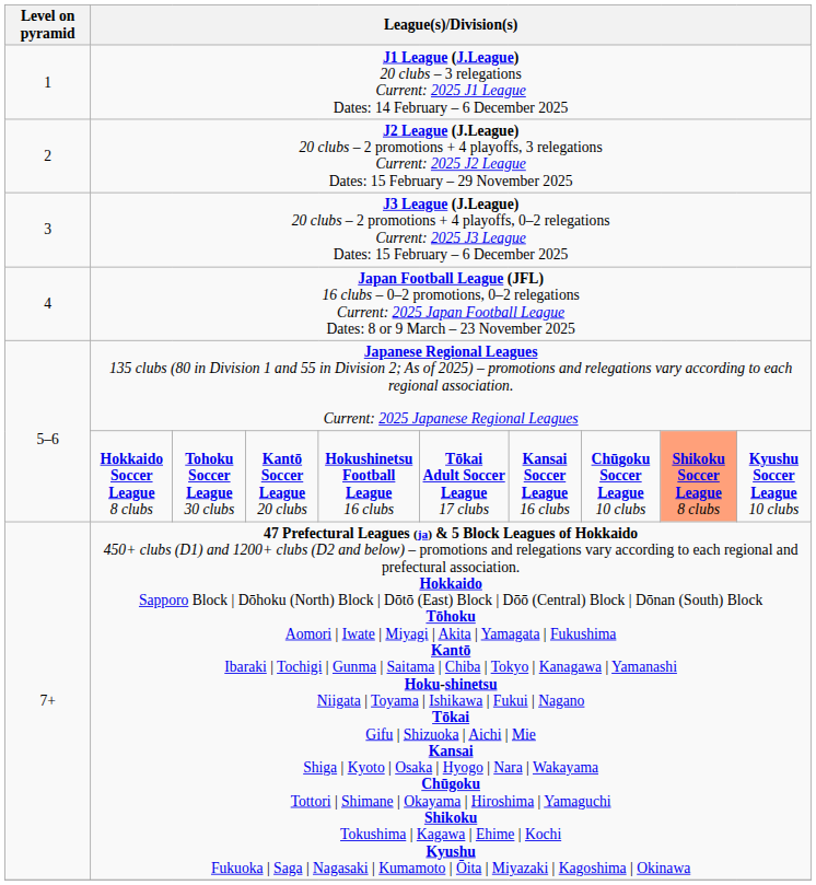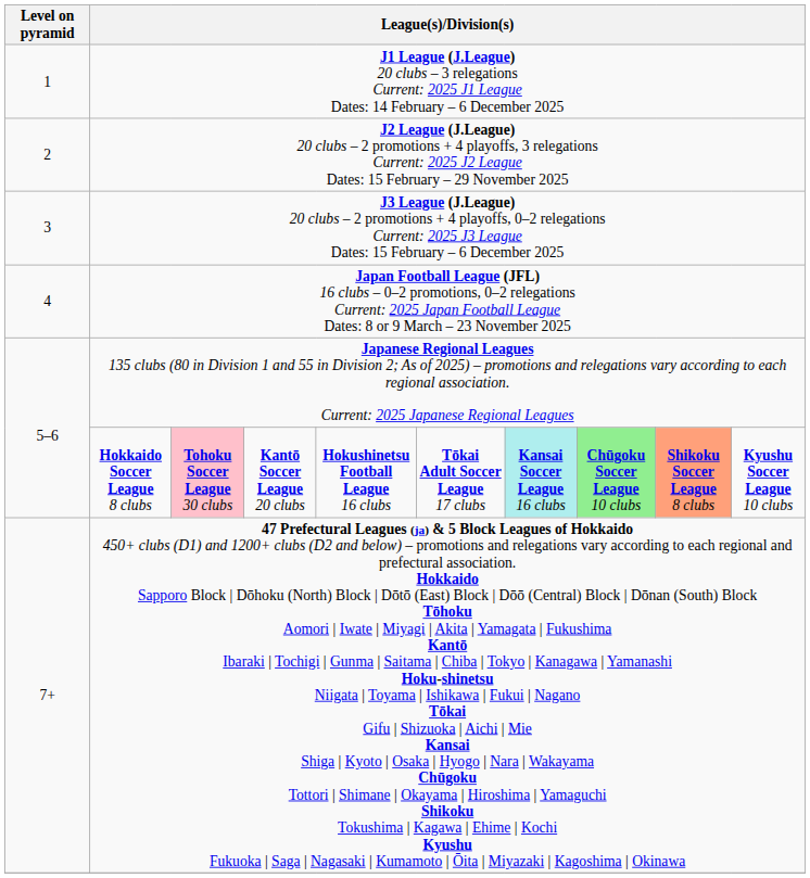 <table class="wikitable" style="text-align: center;">
 <tr>
 <th>Level on pyramid</th>
 <th colspan="9">League(s)/Division(s)</th>
 </tr>
 <tr>
 <td>1</td>
 <td colspan="9"><strong><a href='#'>J1 League</a> (<a href='#'>J.League</a>)</strong> <br> <em>20 clubs</em> – 3 relegations <br> <em>Current: <a href='#'>2025 J1 League</a></em> <br> Dates: 14 February – 6 December 2025</td>
 </tr>
 <tr>
 <td>2</td>
 <td colspan="9"><strong><a href='#'>J2 League</a> (J.League)</strong> <br> <em>20 clubs</em> – 2 promotions + 4 playoffs, 3 relegations <br> <em>Current: <a href='#'>2025 J2 League</a></em> <br> Dates: 15 February – 29 November 2025</td>
 </tr>
 <tr>
 <td>3</td>
 <td colspan="9"><strong><a href='#'>J3 League</a> (J.League)</strong> <br> <em>20 clubs</em> – 2 promotions + 4 playoffs, 0–2 relegations <br> <em>Current: <a href='#'>2025 J3 League</a></em> <br> Dates: 15 February – 6 December 2025</td>
 </tr>
 <tr>
 <td>4</td>
 <td colspan="9"><strong><a href='#'>Japan Football League</a> (JFL)</strong> <br> <em>16 clubs</em> – 0–2 promotions, 0–2 relegations <br> <em>Current: <a href='#'>2025 Japan Football League</a></em> <br> Dates: 8 or 9 March – 23 November 2025</td>
 </tr>
 <tr>
 <td rowspan="2"><br>5–6</td>
 <td colspan="9"><strong><a href='#'>Japanese Regional Leagues</a></strong><br><em>135 clubs (80 in Division 1 and 55 in Division 2; As of 2025) – promotions and relegations vary according to each regional association. </em><br><br><em>Current: <a href='#'>2025 Japanese Regional Leagues</a></em></td>
 </tr>
 <tr>
 <td><br><strong><a href='#'>Hokkaido<br>Soccer League</a> </strong><br> <em>8 clubs</em></td>
-<td><br><strong><a href='#'>Tohoku<br>Soccer League</a> </strong><br> <em>30 clubs</em></td>
+<td style="background: pink;"><br><strong><a href='#'>Tohoku<br>Soccer League</a> </strong><br> <em>30 clubs</em></td>
 <td><br><strong><a href='#'>Kantō<br>Soccer League</a> </strong><br> <em>20 clubs</em></td>
 <td><br><strong><a href='#'>Hokushinetsu<br>Football League</a> </strong><br> <em>16 clubs</em></td>
 <td><br><strong><a href='#'>Tōkai<br>Adult Soccer League</a> </strong><br> <em>17 clubs</em></td>
-<td><br><strong><a href='#'>Kansai<br>Soccer League</a> </strong><br> <em>16 clubs</em></td>
-<td><br><strong><a href='#'>Chūgoku<br>Soccer League</a> </strong><br> <em>10 clubs</em></td>
+<td style="background: paleturquoise;"><br><strong><a href='#'>Kansai<br>Soccer League</a> </strong><br> <em>16 clubs</em></td>
+<td style="background: lightgreen;"><br><strong><a href='#'>Chūgoku<br>Soccer League</a> </strong><br> <em>10 clubs</em></td>
 <td style="background: lightsalmon;"><br><strong><a href='#'>Shikoku<br>Soccer League</a> </strong><br> <em>8 clubs</em></td>
 <td><br><strong><a href='#'>Kyushu<br>Soccer League</a> </strong><br> <em>10 clubs</em></td>
 </tr>
 <tr>
 <td>7+</td>
 <td colspan="9"><strong>47 Prefectural Leagues <small>(<a href='#'>ja</a>)</small> & 5 Block Leagues of Hokkaido</strong><br><em>450+ clubs (D1) and 1200+ clubs (D2 and below)</em> – promotions and relegations vary according to each regional and prefectural association.<br><strong><a href='#'>Hokkaido</a></strong><br><a href='#'>Sapporo</a> Block | Dōhoku (North) Block | Dōtō (East) Block | Dōō (Central) Block | Dōnan (South) Block<br> <strong><a href='#'>Tōhoku</a></strong><br><a href='#'>Aomori</a> | <a href='#'>Iwate</a> | <a href='#'>Miyagi</a> | <a href='#'>Akita</a> | <a href='#'>Yamagata</a> | <a href='#'>Fukushima</a><br> <strong><a href='#'>Kantō</a></strong><br><a href='#'>Ibaraki</a> | <a href='#'>Tochigi</a> | <a href='#'>Gunma</a> | <a href='#'>Saitama</a> | <a href='#'>Chiba</a> | <a href='#'>Tokyo</a> | <a href='#'>Kanagawa</a> | <a href='#'>Yamanashi</a><br> <strong><a href='#'>Hoku</a>-<a href='#'>shinetsu</a></strong><br><a href='#'>Niigata</a> | <a href='#'>Toyama</a> | <a href='#'>Ishikawa</a> | <a href='#'>Fukui</a> | <a href='#'>Nagano</a><br> <strong><a href='#'>Tōkai</a></strong><br><a href='#'>Gifu</a> | <a href='#'>Shizuoka</a> | <a href='#'>Aichi</a> | <a href='#'>Mie</a><br> <strong><a href='#'>Kansai</a></strong><br><a href='#'>Shiga</a> | <a href='#'>Kyoto</a> | <a href='#'>Osaka</a> | <a href='#'>Hyogo</a> | <a href='#'>Nara</a> | <a href='#'>Wakayama</a><br> <strong><a href='#'>Chūgoku</a></strong><br><a href='#'>Tottori</a> | <a href='#'>Shimane</a> | <a href='#'>Okayama</a> | <a href='#'>Hiroshima</a> | <a href='#'>Yamaguchi</a><br> <strong><a href='#'>Shikoku</a></strong><br><a href='#'>Tokushima</a> | <a href='#'>Kagawa</a> | <a href='#'>Ehime</a> | <a href='#'>Kochi</a><br> <strong><a href='#'>Kyushu</a></strong><br><a href='#'>Fukuoka</a> | <a href='#'>Saga</a> | <a href='#'>Nagasaki</a> | <a href='#'>Kumamoto</a> | <a href='#'>Ōita</a> | <a href='#'>Miyazaki</a> | <a href='#'>Kagoshima</a> | <a href='#'>Okinawa</a></td>
 </tr>
 <tr>
 </tr>
 </table>
